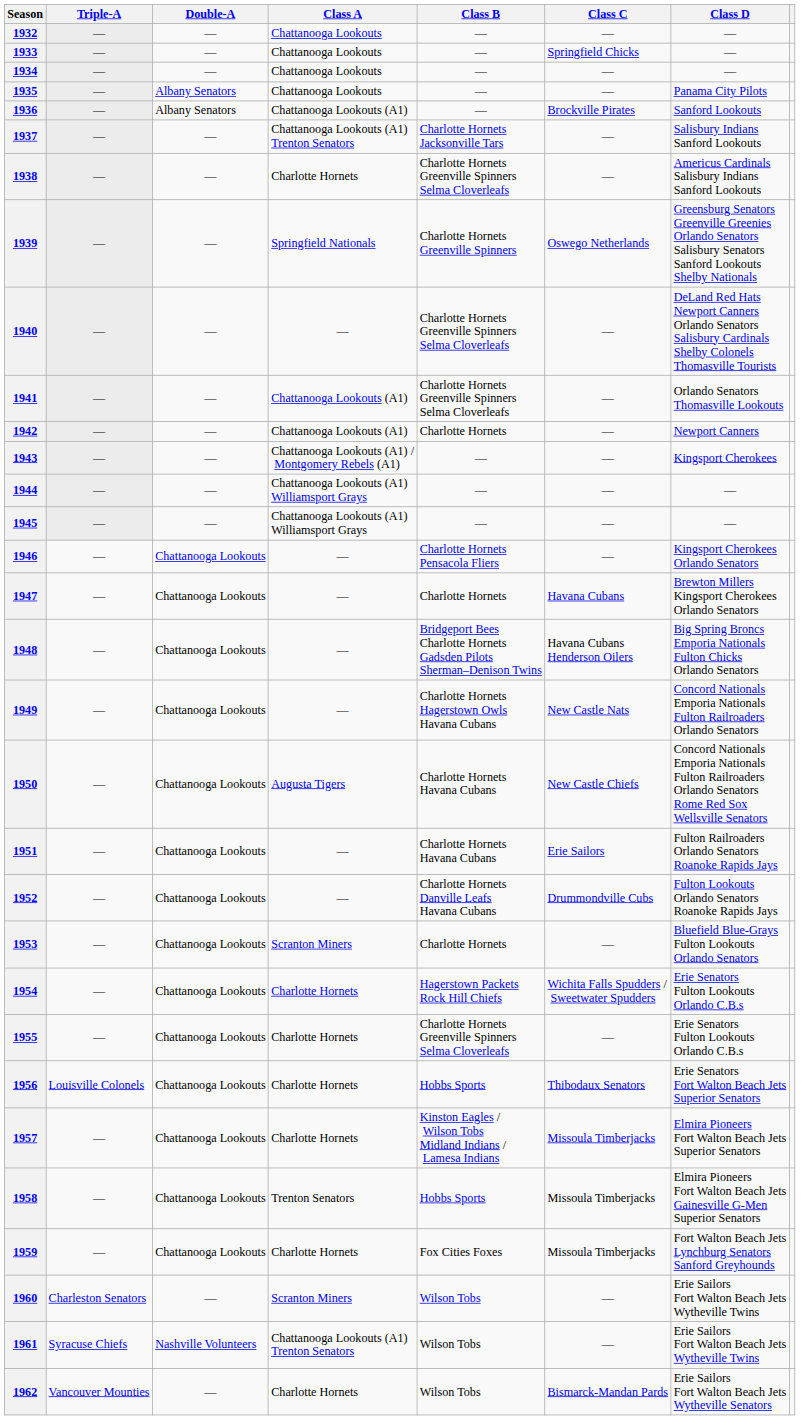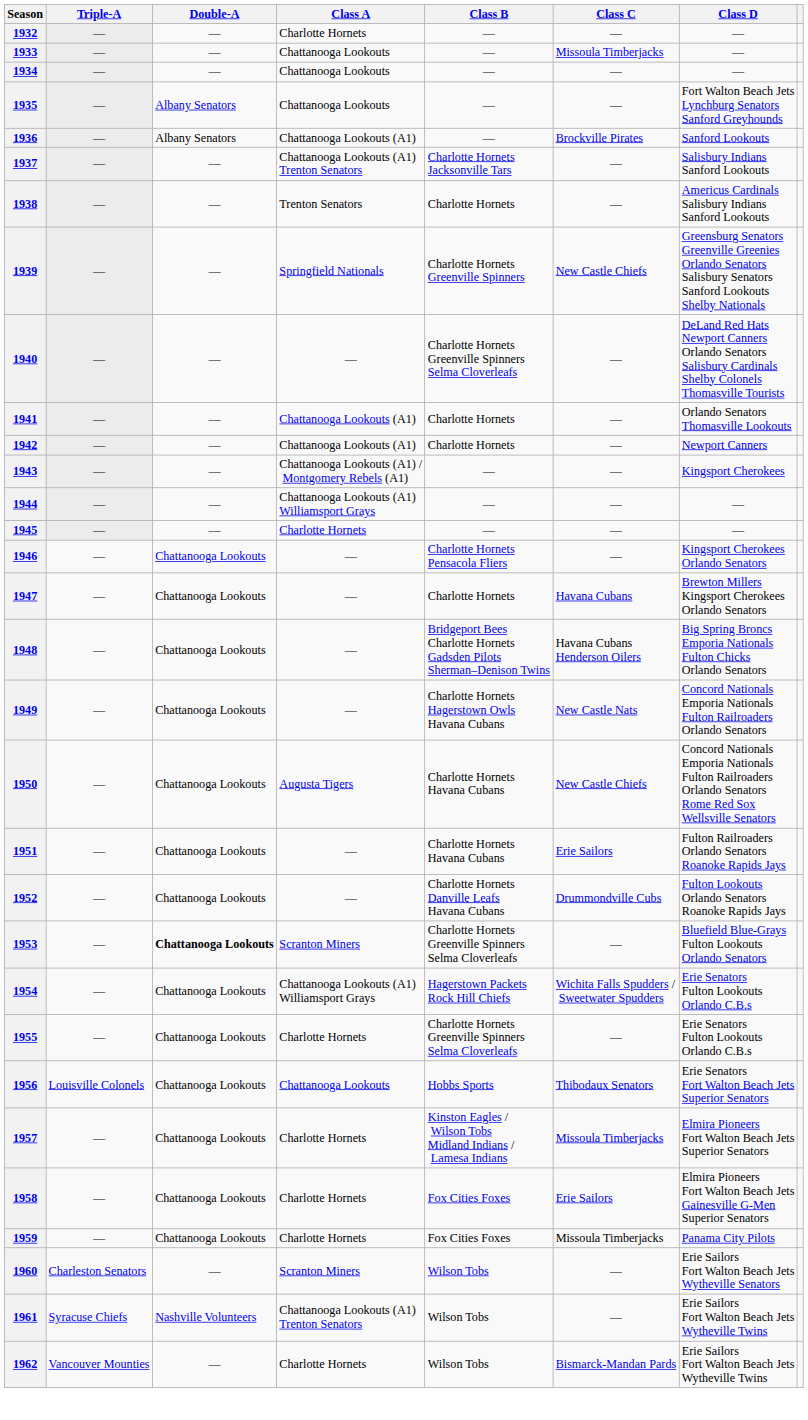 <table class="wikitable plainrowheaders">
 <tr>
 <th scope="col">Season</th>
 <th scope="col"><a href='#'><span>Triple-A</span></a></th>
 <th scope="col"><a href='#'><span>Double-A</span></a></th>
 <th scope="col"><a href='#'><span>Class A</span></a></th>
 <th scope="col"><a href='#'><span>Class B</span></a></th>
 <th scope="col"><a href='#'><span>Class C</span></a></th>
 <th scope="col"><a href='#'><span>Class D</span></a></th>
 <th scope="col"></th>
 </tr>
 <tr>
 <th scope="row" style="text-align:center"><a href='#'>1932</a></th>
 <td style="background:#ececec" align="center">—</td>
 <td align="center">—</td>
-<td><a href='#'>Chattanooga Lookouts</a></td>
+<td>Charlotte Hornets</td>
 <td align="center">—</td>
 <td align="center">—</td>
 <td align="center">—</td>
 <td align="center"></td>
 </tr>
 <tr>
 <th scope="row" style="text-align:center"><a href='#'>1933</a></th>
 <td style="background:#ececec" align="center">—</td>
 <td align="center">—</td>
 <td>Chattanooga Lookouts</td>
 <td align="center">—</td>
-<td><a href='#'>Springfield Chicks</a></td>
+<td><a href='#'>Missoula Timberjacks</a></td>
 <td align="center">—</td>
 <td align="center"></td>
 </tr>
 <tr>
 <th scope="row" style="text-align:center"><a href='#'>1934</a></th>
 <td style="background:#ececec" align="center">—</td>
 <td align="center">—</td>
 <td>Chattanooga Lookouts</td>
 <td align="center">—</td>
 <td align="center">—</td>
 <td align="center">—</td>
 <td align="center"></td>
 </tr>
 <tr>
 <th scope="row" style="text-align:center"><a href='#'>1935</a></th>
 <td style="background:#ececec" align="center">—</td>
 <td><a href='#'>Albany Senators</a></td>
 <td>Chattanooga Lookouts</td>
 <td align="center">—</td>
 <td align="center">—</td>
-<td><a href='#'>Panama City Pilots</a></td>
+<td>Fort Walton Beach Jets<br><a href='#'>Lynchburg Senators</a><br><a href='#'>Sanford Greyhounds</a></td>
 <td align="center"></td>
 </tr>
 <tr>
 <th scope="row" style="text-align:center"><a href='#'>1936</a></th>
 <td style="background:#ececec" align="center">—</td>
 <td>Albany Senators</td>
 <td>Chattanooga Lookouts (A1)</td>
 <td align="center">—</td>
 <td><a href='#'>Brockville Pirates</a></td>
 <td><a href='#'>Sanford Lookouts</a></td>
 <td align="center"></td>
 </tr>
 <tr>
 <th scope="row" style="text-align:center"><a href='#'>1937</a></th>
 <td style="background:#ececec" align="center">—</td>
 <td align="center">—</td>
 <td>Chattanooga Lookouts (A1)<br><a href='#'>Trenton Senators</a></td>
 <td><a href='#'>Charlotte Hornets</a><br><a href='#'>Jacksonville Tars</a></td>
 <td align="center">—</td>
 <td><a href='#'>Salisbury Indians</a><br>Sanford Lookouts</td>
 <td align="center"></td>
 </tr>
 <tr>
 <th scope="row" style="text-align:center"><a href='#'>1938</a></th>
 <td style="background:#ececec" align="center">—</td>
 <td align="center">—</td>
+<td>Trenton Senators</td>
 <td>Charlotte Hornets</td>
-<td>Charlotte Hornets<br>Greenville Spinners<br><a href='#'>Selma Cloverleafs</a></td>
 <td align="center">—</td>
 <td><a href='#'>Americus Cardinals</a><br>Salisbury Indians<br>Sanford Lookouts</td>
 <td align="center"></td>
 </tr>
 <tr>
 <th scope="row" style="text-align:center"><a href='#'>1939</a></th>
 <td style="background:#ececec" align="center">—</td>
 <td align="center">—</td>
 <td><a href='#'>Springfield Nationals</a></td>
 <td>Charlotte Hornets<br><a href='#'>Greenville Spinners</a></td>
-<td><a href='#'>Oswego Netherlands</a></td>
+<td><a href='#'>New Castle Chiefs</a></td>
 <td><a href='#'>Greensburg Senators</a><br><a href='#'>Greenville Greenies</a><br><a href='#'>Orlando Senators</a><br>Salisbury Senators<br>Sanford Lookouts<br><a href='#'>Shelby Nationals</a></td>
 <td align="center"></td>
 </tr>
 <tr>
 <th scope="row" style="text-align:center"><a href='#'>1940</a></th>
 <td style="background:#ececec" align="center">—</td>
 <td align="center">—</td>
 <td align="center">—</td>
 <td>Charlotte Hornets<br>Greenville Spinners<br><a href='#'>Selma Cloverleafs</a></td>
 <td align="center">—</td>
 <td><a href='#'>DeLand Red Hats</a><br><a href='#'>Newport Canners</a><br>Orlando Senators<br><a href='#'>Salisbury Cardinals</a><br><a href='#'>Shelby Colonels</a><br><a href='#'>Thomasville Tourists</a></td>
 <td align="center"></td>
 </tr>
 <tr>
 <th scope="row" style="text-align:center"><a href='#'>1941</a></th>
 <td style="background:#ececec" align="center">—</td>
 <td align="center">—</td>
 <td><a href='#'>Chattanooga Lookouts</a> (A1)</td>
-<td>Charlotte Hornets<br>Greenville Spinners<br>Selma Cloverleafs</td>
+<td>Charlotte Hornets</td>
 <td align="center">—</td>
 <td>Orlando Senators<br><a href='#'>Thomasville Lookouts</a></td>
 <td align="center"></td>
 </tr>
 <tr>
 <th scope="row" style="text-align:center"><a href='#'>1942</a></th>
 <td style="background:#ececec" align="center">—</td>
 <td align="center">—</td>
 <td>Chattanooga Lookouts (A1)</td>
 <td>Charlotte Hornets</td>
 <td align="center">—</td>
 <td><a href='#'>Newport Canners</a></td>
 <td align="center"></td>
 </tr>
 <tr>
 <th scope="row" style="text-align:center"><a href='#'>1943</a></th>
 <td style="background:#ececec" align="center">—</td>
 <td align="center">—</td>
 <td>Chattanooga Lookouts (A1) /<br> <a href='#'>Montgomery Rebels</a> (A1)</td>
 <td align="center">—</td>
 <td align="center">—</td>
 <td><a href='#'>Kingsport Cherokees</a></td>
 <td align="center"></td>
 </tr>
 <tr>
 <th scope="row" style="text-align:center"><a href='#'>1944</a></th>
 <td style="background:#ececec" align="center">—</td>
 <td align="center">—</td>
 <td>Chattanooga Lookouts (A1)<br><a href='#'>Williamsport Grays</a></td>
 <td align="center">—</td>
 <td align="center">—</td>
 <td align="center">—</td>
 <td align="center"></td>
 </tr>
 <tr>
 <th scope="row" style="text-align:center"><a href='#'>1945</a></th>
 <td style="background:#ececec" align="center">—</td>
 <td align="center">—</td>
-<td>Chattanooga Lookouts (A1)<br>Williamsport Grays</td>
+<td><a href='#'>Charlotte Hornets</a></td>
 <td align="center">—</td>
 <td align="center">—</td>
 <td align="center">—</td>
 <td align="center"></td>
 </tr>
 <tr>
 <th scope="row" style="text-align:center"><a href='#'>1946</a></th>
 <td align="center">—</td>
 <td><a href='#'>Chattanooga Lookouts</a></td>
 <td align="center">—</td>
 <td><a href='#'>Charlotte Hornets</a><br><a href='#'>Pensacola Fliers</a></td>
 <td align="center">—</td>
 <td><a href='#'>Kingsport Cherokees</a><br><a href='#'>Orlando Senators</a></td>
 <td align="center"></td>
 </tr>
 <tr>
 <th scope="row" style="text-align:center"><a href='#'>1947</a></th>
 <td align="center">—</td>
 <td>Chattanooga Lookouts</td>
 <td align="center">—</td>
 <td>Charlotte Hornets</td>
 <td><a href='#'>Havana Cubans</a></td>
 <td><a href='#'>Brewton Millers</a><br>Kingsport Cherokees<br>Orlando Senators</td>
 <td align="center"></td>
 </tr>
 <tr>
 <th scope="row" style="text-align:center"><a href='#'>1948</a></th>
 <td align="center">—</td>
 <td>Chattanooga Lookouts</td>
 <td align="center">—</td>
 <td><a href='#'>Bridgeport Bees</a><br>Charlotte Hornets<br><a href='#'>Gadsden Pilots</a><br><a href='#'>Sherman–Denison Twins</a></td>
 <td>Havana Cubans<br><a href='#'>Henderson Oilers</a></td>
 <td><a href='#'>Big Spring Broncs</a><br><a href='#'>Emporia Nationals</a><br><a href='#'>Fulton Chicks</a><br>Orlando Senators</td>
 <td align="center"></td>
 </tr>
 <tr>
 <th scope="row" style="text-align:center"><a href='#'>1949</a></th>
 <td align="center">—</td>
 <td>Chattanooga Lookouts</td>
 <td align="center">—</td>
 <td>Charlotte Hornets<br><a href='#'>Hagerstown Owls</a><br>Havana Cubans</td>
 <td><a href='#'>New Castle Nats</a></td>
 <td><a href='#'>Concord Nationals</a><br>Emporia Nationals<br><a href='#'>Fulton Railroaders</a><br>Orlando Senators</td>
 <td align="center"></td>
 </tr>
 <tr>
 <th scope="row" style="text-align:center"><a href='#'>1950</a></th>
 <td align="center">—</td>
 <td>Chattanooga Lookouts</td>
 <td><a href='#'>Augusta Tigers</a></td>
 <td>Charlotte Hornets<br>Havana Cubans</td>
 <td><a href='#'>New Castle Chiefs</a></td>
 <td>Concord Nationals<br>Emporia Nationals<br>Fulton Railroaders<br>Orlando Senators<br><a href='#'>Rome Red Sox</a><br><a href='#'>Wellsville Senators</a></td>
 <td align="center"></td>
 </tr>
 <tr>
 <th scope="row" style="text-align:center"><a href='#'>1951</a></th>
 <td align="center">—</td>
 <td>Chattanooga Lookouts</td>
 <td align="center">—</td>
 <td>Charlotte Hornets<br>Havana Cubans</td>
 <td><a href='#'>Erie Sailors</a></td>
 <td>Fulton Railroaders<br>Orlando Senators<br><a href='#'>Roanoke Rapids Jays</a></td>
 <td align="center"></td>
 </tr>
 <tr>
 <th scope="row" style="text-align:center"><a href='#'>1952</a></th>
 <td align="center">—</td>
 <td>Chattanooga Lookouts</td>
 <td align="center">—</td>
 <td>Charlotte Hornets<br><a href='#'>Danville Leafs</a><br>Havana Cubans</td>
 <td><a href='#'>Drummondville Cubs</a></td>
 <td><a href='#'>Fulton Lookouts</a><br>Orlando Senators<br>Roanoke Rapids Jays</td>
 <td align="center"></td>
 </tr>
 <tr>
 <th scope="row" style="text-align:center"><a href='#'>1953</a></th>
 <td align="center">—</td>
-<td>Chattanooga Lookouts</td>
+<td><strong>Chattanooga Lookouts</strong></td>
 <td><a href='#'>Scranton Miners</a></td>
-<td>Charlotte Hornets</td>
+<td>Charlotte Hornets<br>Greenville Spinners<br>Selma Cloverleafs</td>
 <td align="center">—</td>
 <td><a href='#'>Bluefield Blue-Grays</a><br>Fulton Lookouts<br><a href='#'>Orlando Senators</a></td>
 <td align="center"></td>
 </tr>
 <tr>
 <th scope="row" style="text-align:center"><a href='#'>1954</a></th>
 <td align="center">—</td>
 <td>Chattanooga Lookouts</td>
-<td><a href='#'>Charlotte Hornets</a></td>
+<td>Chattanooga Lookouts (A1)<br>Williamsport Grays</td>
 <td><a href='#'>Hagerstown Packets</a><br><a href='#'>Rock Hill Chiefs</a></td>
 <td><a href='#'>Wichita Falls Spudders</a> /<br> <a href='#'>Sweetwater Spudders</a></td>
 <td><a href='#'>Erie Senators</a><br>Fulton Lookouts<br><a href='#'>Orlando C.B.s</a></td>
 <td align="center"></td>
 </tr>
 <tr>
 <th scope="row" style="text-align:center"><a href='#'>1955</a></th>
 <td align="center">—</td>
 <td>Chattanooga Lookouts</td>
 <td>Charlotte Hornets</td>
 <td>Charlotte Hornets<br>Greenville Spinners<br><a href='#'>Selma Cloverleafs</a></td>
 <td align="center">—</td>
 <td>Erie Senators<br>Fulton Lookouts<br>Orlando C.B.s</td>
 <td align="center"></td>
 </tr>
 <tr>
 <th scope="row" style="text-align:center"><a href='#'>1956</a></th>
 <td><a href='#'>Louisville Colonels</a></td>
 <td>Chattanooga Lookouts</td>
-<td>Charlotte Hornets</td>
+<td><a href='#'>Chattanooga Lookouts</a></td>
 <td><a href='#'>Hobbs Sports</a></td>
 <td><a href='#'>Thibodaux Senators</a></td>
 <td>Erie Senators<br><a href='#'>Fort Walton Beach Jets</a><br><a href='#'>Superior Senators</a></td>
 <td align="center"></td>
 </tr>
 <tr>
 <th scope="row" style="text-align:center"><a href='#'>1957</a></th>
 <td align="center">—</td>
 <td>Chattanooga Lookouts</td>
 <td>Charlotte Hornets</td>
 <td><a href='#'>Kinston Eagles</a> /<br> <a href='#'>Wilson Tobs</a><br><a href='#'>Midland Indians</a> /<br> <a href='#'>Lamesa Indians</a></td>
 <td><a href='#'>Missoula Timberjacks</a></td>
 <td><a href='#'>Elmira Pioneers</a><br>Fort Walton Beach Jets<br>Superior Senators</td>
 <td align="center"></td>
 </tr>
 <tr>
 <th scope="row" style="text-align:center"><a href='#'>1958</a></th>
 <td align="center">—</td>
 <td>Chattanooga Lookouts</td>
-<td>Trenton Senators</td>
-<td><a href='#'>Hobbs Sports</a></td>
-<td>Missoula Timberjacks</td>
+<td>Charlotte Hornets</td>
+<td><a href='#'>Fox Cities Foxes</a></td>
+<td><a href='#'>Erie Sailors</a></td>
 <td>Elmira Pioneers<br>Fort Walton Beach Jets<br><a href='#'>Gainesville G-Men</a><br>Superior Senators</td>
 <td align="center"></td>
 </tr>
 <tr>
 <th scope="row" style="text-align:center"><a href='#'>1959</a></th>
 <td align="center">—</td>
 <td>Chattanooga Lookouts</td>
 <td>Charlotte Hornets</td>
 <td>Fox Cities Foxes</td>
 <td>Missoula Timberjacks</td>
-<td>Fort Walton Beach Jets<br><a href='#'>Lynchburg Senators</a><br><a href='#'>Sanford Greyhounds</a></td>
+<td><a href='#'>Panama City Pilots</a></td>
 <td align="center"></td>
 </tr>
 <tr>
 <th scope="row" style="text-align:center"><a href='#'>1960</a></th>
 <td><a href='#'>Charleston Senators</a></td>
 <td align="center">—</td>
 <td><a href='#'>Scranton Miners</a></td>
 <td><a href='#'>Wilson Tobs</a></td>
 <td align="center">—</td>
-<td>Erie Sailors<br>Fort Walton Beach Jets<br>Wytheville Twins</td>
+<td>Erie Sailors<br>Fort Walton Beach Jets<br><a href='#'>Wytheville Senators</a></td>
 <td align="center"></td>
 </tr>
 <tr>
 <th scope="row" style="text-align:center"><a href='#'>1961</a></th>
 <td><a href='#'>Syracuse Chiefs</a></td>
 <td><a href='#'>Nashville Volunteers</a></td>
 <td>Chattanooga Lookouts (A1)<br><a href='#'>Trenton Senators</a></td>
 <td>Wilson Tobs</td>
 <td align="center">—</td>
 <td>Erie Sailors<br>Fort Walton Beach Jets<br><a href='#'>Wytheville Twins</a></td>
 <td align="center"></td>
 </tr>
 <tr>
 <th scope="row" style="text-align:center"><a href='#'>1962</a></th>
 <td><a href='#'>Vancouver Mounties</a></td>
 <td align="center">—</td>
 <td>Charlotte Hornets</td>
 <td>Wilson Tobs</td>
 <td><a href='#'>Bismarck-Mandan Pards</a></td>
-<td>Erie Sailors<br>Fort Walton Beach Jets<br><a href='#'>Wytheville Senators</a></td>
+<td>Erie Sailors<br>Fort Walton Beach Jets<br>Wytheville Twins</td>
 <td align="center"></td>
 </tr>
 </table>
